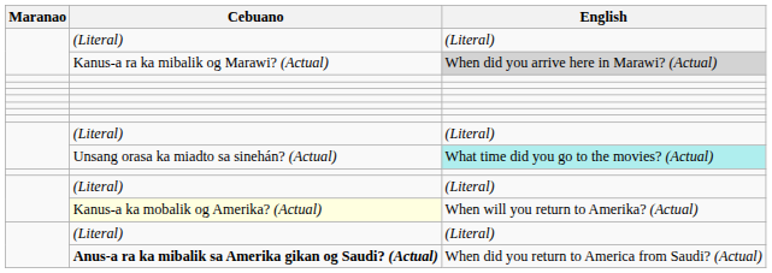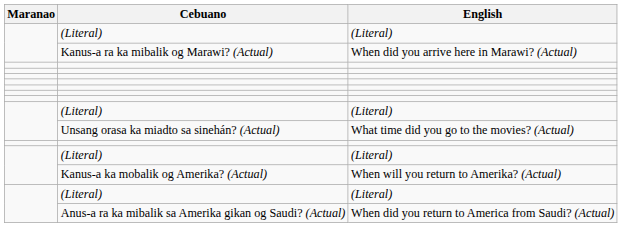 <table class="wikitable">
 <tr>
 <th>Maranao</th>
 <th>Cebuano</th>
 <th>English</th>
 </tr>
 <tr>
 <td rowspan="2">   </td>
 <td>   <em>(Literal)</em></td>
 <td>    <em>(Literal)</em></td>
 </tr>
 <tr>
 <td>Kanus-a ra ka mibalik og Marawi? <em>(Actual)</em></td>
-<td style="background: lightgrey;">When did you arrive here in Marawi? <em>(Actual)</em></td>
+<td>When did you arrive here in Marawi? <em>(Actual)</em></td>
 </tr>
 <tr>
 <td> </td>
 <td> </td>
 <td> </td>
 </tr>
 <tr>
 <td> </td>
 <td> </td>
 <td> </td>
 </tr>
 <tr>
 <td> </td>
 <td> </td>
 <td> </td>
 </tr>
 <tr>
 <td> </td>
 <td> </td>
 <td> </td>
 </tr>
 <tr>
 <td> </td>
 <td> </td>
 <td> </td>
 </tr>
 <tr>
 <td> </td>
 <td> </td>
 <td> </td>
 </tr>
 <tr>
 <td> </td>
 <td> </td>
 <td> </td>
 </tr>
 <tr>
 <td rowspan="2">   </td>
 <td>    <em>(Literal)</em></td>
 <td>   <em>(Literal)</em></td>
 </tr>
 <tr>
 <td>Unsang orasa ka miadto sa sinehán? <em>(Actual)</em></td>
-<td style="background: paleturquoise;">What time did you go to the movies? <em>(Actual)</em></td>
+<td>What time did you go to the movies? <em>(Actual)</em></td>
 </tr>
 <tr>
 <td> </td>
 <td> </td>
 <td> </td>
 </tr>
 <tr>
 <td rowspan="2">   </td>
 <td>    <em>(Literal)</em></td>
 <td>    <em>(Literal)</em></td>
 </tr>
 <tr>
-<td style="background: lightyellow;">Kanus-a ka mobalik og Amerika? <em>(Actual)</em></td>
+<td>Kanus-a ka mobalik og Amerika? <em>(Actual)</em></td>
 <td>When will you return to Amerika? <em>(Actual)</em></td>
 </tr>
 <tr>
 <td rowspan="2">    </td>
 <td>    <em>(Literal)</em></td>
 <td>    <em>(Literal)</em></td>
 </tr>
 <tr>
-<td><strong>Anus-a ra ka mibalik sa Amerika gikan og Saudi? <em>(Actual)</em></strong></td>
+<td>Anus-a ra ka mibalik sa Amerika gikan og Saudi? <em>(Actual)</em></td>
 <td>When did you return to America from Saudi? <em>(Actual)</em></td>
 </tr>
 </table>
